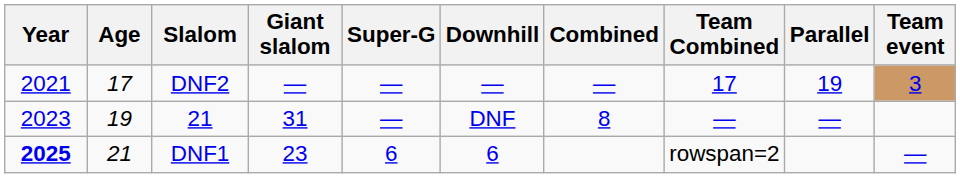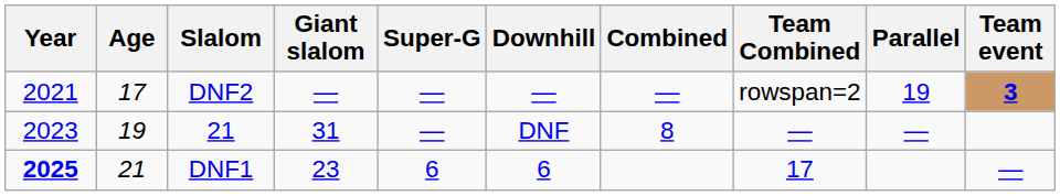 <table class=wikitable style="text-align:center">
 <tr>
 <th>  Year  </th>
 <th> Age </th>
 <th> Slalom </th>
 <th> Giant <br> slalom </th>
 <th>Super-G</th>
 <th>Downhill</th>
 <th>Combined</th>
 <th>Team<br>Combined</th>
 <th>Parallel</th>
 <th>Team<br> event </th>
 </tr>
 <tr>
 <td><a href='#'>2021</a></td>
 <td><em>17</em></td>
 <td><a href='#'>DNF2</a></td>
 <td><a href='#'>—</a></td>
 <td><a href='#'>—</a></td>
 <td><a href='#'>—</a></td>
 <td><a href='#'>—</a></td>
-<td><a href='#'>17</a></td>
+<td>rowspan=2</td>
 <td><a href='#'>19</a></td>
-<td bgcolor="#c96"><a href='#'>3</a></td>
+<td bgcolor="#c96"><strong><a href='#'>3</a></strong></td>
 </tr>
 <tr>
 <td><a href='#'>2023</a></td>
 <td><em>19</em></td>
 <td><a href='#'>21</a></td>
 <td><a href='#'>31</a></td>
 <td><a href='#'>—</a></td>
 <td><a href='#'>DNF</a></td>
 <td><a href='#'>8</a></td>
 <td><a href='#'>—</a></td>
 <td><a href='#'>—</a></td>
 </tr>
 <tr>
 <td><strong><a href='#'>2025</a></strong></td>
 <td><em>21</em></td>
 <td><a href='#'>DNF1</a></td>
 <td><a href='#'>23</a></td>
 <td><a href='#'>6</a></td>
 <td><a href='#'>6</a></td>
 <td></td>
-<td>rowspan=2</td>
+<td><a href='#'>17</a></td>
 <td></td>
 <td><a href='#'>—</a></td>
 </tr>
 </table>
